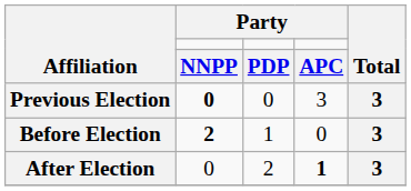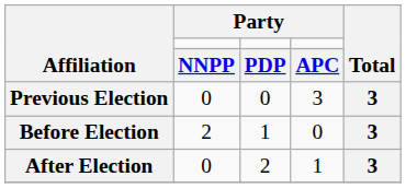 <table class=wikitable style="text-align:center">
 <tr style="vertical-align:bottom;">
 <th rowspan=3>Affiliation</th>
 <th colspan=3>Party</th>
 <th rowspan=3>Total</th>
 </tr>
 <tr>
 <td style="background-color:"></td>
 <td style="background-color:"></td>
 <td style="background-color:"></td>
 </tr>
 <tr>
 <th><a href='#'>NNPP</a></th>
 <th><a href='#'>PDP</a></th>
 <th><a href='#'>APC</a></th>
 </tr>
 <tr>
 <th>Previous Election</th>
-<td><strong>0</strong></td>
+<td>0</td>
 <td>0</td>
 <td>3</td>
 <th>3</th>
 </tr>
 <tr>
 <th>Before Election</th>
-<td><strong>2</strong></td>
+<td>2</td>
 <td>1</td>
 <td>0</td>
 <th>3</th>
 </tr>
 <tr>
 <th>After Election</th>
 <td>0</td>
 <td>2</td>
-<td><strong>1</strong></td>
+<td>1</td>
 <th>3</th>
 </tr>
 <tr>
 </tr>
 </table>
